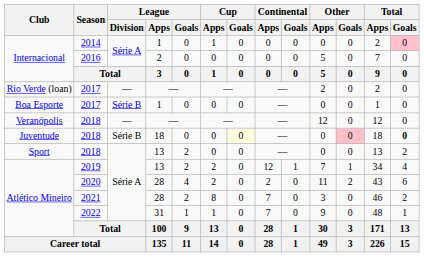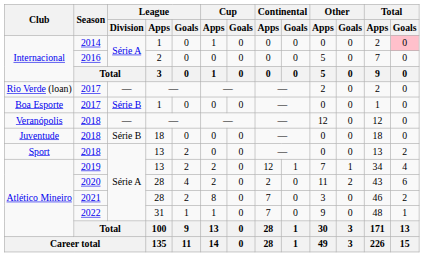 <table class="wikitable" style="text-align: center;">
 <tr>
 <th rowspan="2">Club</th>
 <th rowspan="2">Season</th>
 <th colspan="3">League</th>
 <th colspan="2">Cup</th>
 <th colspan="2">Continental</th>
 <th colspan="2">Other</th>
 <th colspan="2">Total</th>
 </tr>
 <tr>
 <th>Division</th>
 <th>Apps</th>
 <th>Goals</th>
 <th>Apps</th>
 <th>Goals</th>
 <th>Apps</th>
 <th>Goals</th>
 <th>Apps</th>
 <th>Goals</th>
 <th>Apps</th>
 <th>Goals</th>
 </tr>
 <tr>
 <td rowspan=3><a href='#'>Internacional</a></td>
 <td><a href='#'>2014</a></td>
 <td rowspan=2><a href='#'>Série A</a></td>
 <td>1</td>
 <td>0</td>
 <td>1</td>
 <td>0</td>
 <td>0</td>
 <td>0</td>
 <td>0</td>
 <td>0</td>
 <td>2</td>
 <td style="background: pink;">0</td>
 </tr>
 <tr>
 <td><a href='#'>2016</a></td>
 <td>2</td>
 <td>0</td>
 <td>0</td>
 <td>0</td>
 <td>0</td>
 <td>0</td>
 <td>5</td>
 <td>0</td>
 <td>7</td>
 <td>0</td>
 </tr>
 <tr>
 <th colspan=2>Total</th>
 <th>3</th>
 <th>0</th>
 <th>1</th>
 <th>0</th>
 <th>0</th>
 <th>0</th>
 <th>5</th>
 <th>0</th>
 <th>9</th>
 <th>0</th>
 </tr>
 <tr>
 <td><a href='#'>Rio Verde</a> (loan)</td>
 <td><a href='#'>2017</a></td>
 <td>—</td>
 <td colspan="2">—</td>
 <td colspan="2">—</td>
 <td colspan="2">—</td>
 <td>2</td>
 <td>0</td>
 <td>2</td>
 <td>0</td>
 </tr>
 <tr>
 <td><a href='#'>Boa Esporte</a></td>
 <td><a href='#'>2017</a></td>
 <td><a href='#'>Série B</a></td>
 <td>1</td>
 <td>0</td>
 <td>0</td>
 <td>0</td>
 <td colspan="2">—</td>
 <td>0</td>
 <td>0</td>
 <td>1</td>
 <td>0</td>
 </tr>
 <tr>
 <td><a href='#'>Veranópolis</a></td>
 <td><a href='#'>2018</a></td>
 <td>—</td>
 <td colspan="2">—</td>
 <td colspan="2">—</td>
 <td colspan="2">—</td>
 <td>12</td>
 <td>0</td>
 <td>12</td>
 <td>0</td>
 </tr>
 <tr>
 <td><a href='#'>Juventude</a></td>
 <td><a href='#'>2018</a></td>
 <td>Série B</td>
 <td>18</td>
 <td>0</td>
 <td>0</td>
-<td style="background: lightyellow;">0</td>
+<td>0</td>
 <td colspan="2">—</td>
 <td>0</td>
-<td style="background: pink;">0</td>
+<td>0</td>
 <td>18</td>
-<td><strong>0</strong></td>
+<td>0</td>
 </tr>
 <tr>
 <td><a href='#'>Sport</a></td>
 <td><a href='#'>2018</a></td>
 <td rowspan=5>Série A</td>
 <td>13</td>
 <td>2</td>
 <td>0</td>
 <td>0</td>
 <td colspan="2">—</td>
 <td>0</td>
 <td>0</td>
 <td>13</td>
 <td>2</td>
 </tr>
 <tr>
 <td rowspan=5><a href='#'>Atlético Mineiro</a></td>
 <td><a href='#'>2019</a></td>
 <td>13</td>
 <td>2</td>
 <td>2</td>
 <td>0</td>
 <td>12</td>
 <td>1</td>
 <td>7</td>
 <td>1</td>
 <td>34</td>
 <td>4</td>
 </tr>
 <tr>
 <td><a href='#'>2020</a></td>
 <td>28</td>
 <td>4</td>
 <td>2</td>
 <td>0</td>
 <td>2</td>
 <td>0</td>
 <td>11</td>
 <td>2</td>
 <td>43</td>
 <td>6</td>
 </tr>
 <tr>
 <td><a href='#'>2021</a></td>
 <td>28</td>
 <td>2</td>
 <td>8</td>
 <td>0</td>
 <td>7</td>
 <td>0</td>
 <td>3</td>
 <td>0</td>
 <td>46</td>
 <td>2</td>
 </tr>
 <tr>
 <td><a href='#'>2022</a></td>
 <td>31</td>
 <td>1</td>
 <td>1</td>
 <td>0</td>
 <td>7</td>
 <td>0</td>
 <td>9</td>
 <td>0</td>
 <td>48</td>
 <td>1</td>
 </tr>
 <tr>
 <th colspan=2>Total</th>
 <th>100</th>
 <th>9</th>
 <th>13</th>
 <th>0</th>
 <th>28</th>
 <th>1</th>
 <th>30</th>
 <th>3</th>
 <th>171</th>
 <th>13</th>
 </tr>
 <tr>
 <th colspan="3"><strong>Career total</strong></th>
 <th>135</th>
 <th>11</th>
 <th>14</th>
 <th>0</th>
 <th>28</th>
 <th>1</th>
 <th>49</th>
 <th>3</th>
 <th>226</th>
 <th>15</th>
 </tr>
 </table>
